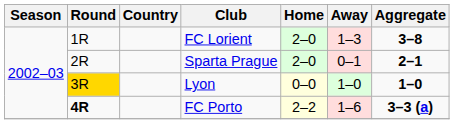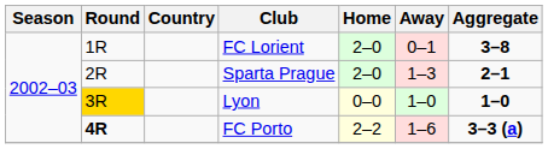 <table class="wikitable">
 <tr>
 <th>Season</th>
 <th>Round</th>
 <th>Country</th>
 <th>Club</th>
 <th>Home</th>
 <th>Away</th>
 <th>Aggregate</th>
 </tr>
 <tr>
 <td rowspan="4"><a href='#'>2002–03</a></td>
 <td>1R</td>
 <td></td>
 <td><a href='#'>FC Lorient</a></td>
 <td style="text-align:center; background:#dfd;">2–0</td>
-<td style="text-align:center; background:#fdd;">1–3</td>
+<td style="text-align:center; background:#fdd;">0–1</td>
 <td style="text-align:center;"><strong>3–8</strong></td>
 </tr>
 <tr>
 <td>2R</td>
 <td></td>
 <td><a href='#'>Sparta Prague</a></td>
 <td style="text-align:center; background:#dfd;">2–0</td>
-<td style="text-align:center; background:#fdd;">0–1</td>
+<td style="text-align:center; background:#fdd;">1–3</td>
 <td style="text-align:center;"><strong>2–1</strong></td>
 </tr>
 <tr>
 <td style="background: gold;">3R</td>
 <td></td>
 <td><a href='#'>Lyon</a></td>
 <td style="text-align:center; background:#ffd;">0–0</td>
 <td style="text-align:center; background:#dfd;">1–0</td>
 <td style="text-align:center;"><strong>1–0</strong></td>
 </tr>
 <tr>
 <td><strong>4R</strong></td>
 <td></td>
 <td><a href='#'>FC Porto</a></td>
 <td style="text-align:center; background:#ffd;">2–2</td>
 <td style="text-align:center; background:#fdd;">1–6</td>
 <td style="text-align:center;"><strong>3–3 (<a href='#'>a</a>)</strong></td>
 </tr>
 <tr>
 </tr>
 </table>
